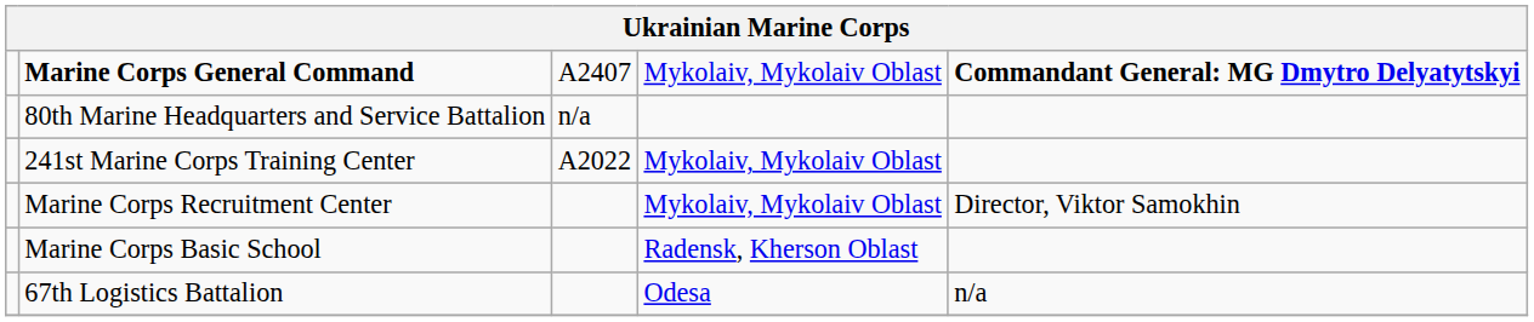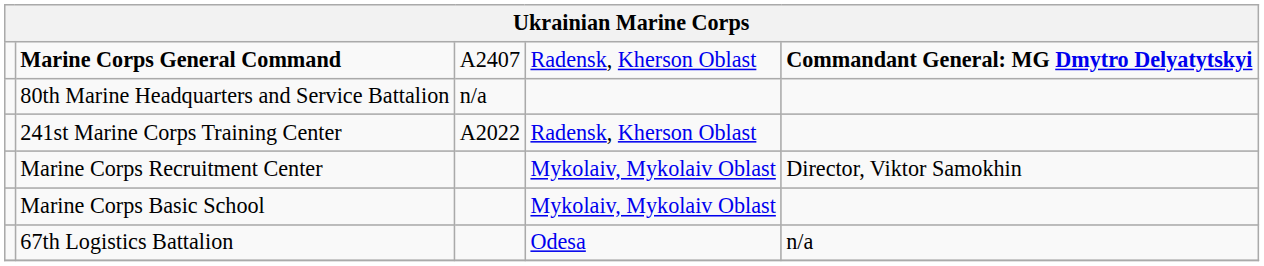 <table class="wikitable" style="font-size: 90%;">
 <tr align="center">
 <th colspan=10 style="width: 350px;"> Ukrainian Marine Corps</th>
 </tr>
 <tr>
 <td></td>
 <td><strong>Marine Corps General Command</strong></td>
 <td>А2407</td>
-<td><a href='#'>Mykolaiv, Mykolaiv Oblast</a></td>
+<td><a href='#'>Radensk</a>, <a href='#'>Kherson Oblast</a></td>
 <td><strong>Commandant General: MG <a href='#'>Dmytro Delyatytskyi</a></strong></td>
 </tr>
 <tr>
 <td></td>
 <td>80th Marine Headquarters and Service Battalion</td>
 <td>n/a</td>
 <td></td>
 <td></td>
 </tr>
 <tr>
 <td></td>
 <td>241st Marine Corps Training Center</td>
 <td>A2022</td>
-<td><a href='#'>Mykolaiv, Mykolaiv Oblast</a></td>
+<td><a href='#'>Radensk</a>, <a href='#'>Kherson Oblast</a></td>
 <td></td>
 </tr>
 <tr>
 <td></td>
 <td>Marine Corps Recruitment Center</td>
 <td></td>
 <td><a href='#'>Mykolaiv, Mykolaiv Oblast</a></td>
 <td>Director, Viktor Samokhin</td>
 </tr>
 <tr>
 <td></td>
 <td>Marine Corps Basic School</td>
 <td></td>
-<td><a href='#'>Radensk</a>, <a href='#'>Kherson Oblast</a></td>
+<td><a href='#'>Mykolaiv, Mykolaiv Oblast</a></td>
 <td></td>
 </tr>
 <tr>
 <td></td>
 <td>67th Logistics Battalion</td>
 <td></td>
 <td><a href='#'>Odesa</a></td>
 <td>n/a</td>
 </tr>
 <tr>
 </tr>
 </table>
